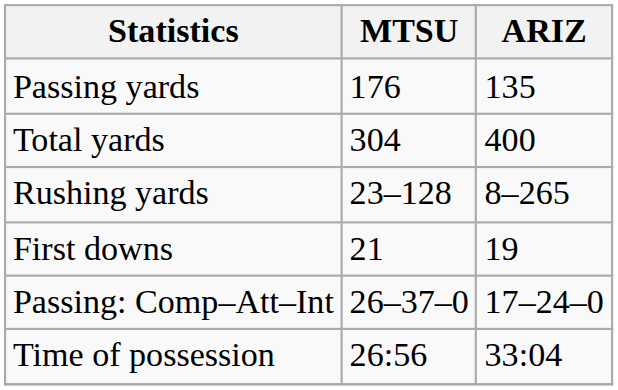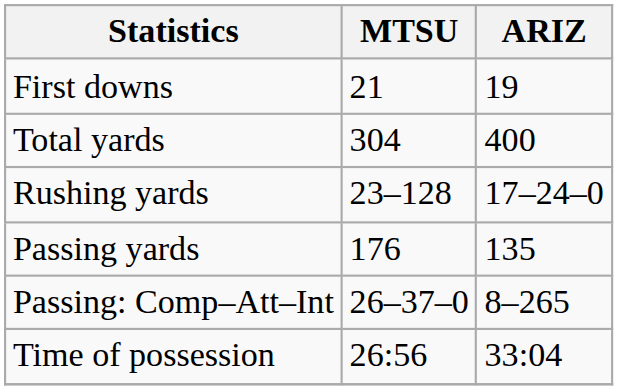 <table class="wikitable" style="float: left;">
 <tr>
 <th>Statistics</th>
 <th>MTSU</th>
 <th>ARIZ</th>
 </tr>
 <tr>
-<td>Passing yards</td>
-<td>176</td>
-<td>135</td>
+<td>First downs</td>
+<td>21</td>
+<td>19</td>
 </tr>
 <tr>
 <td>Total yards</td>
 <td>304</td>
 <td>400</td>
 </tr>
 <tr>
 <td>Rushing yards</td>
 <td>23–128</td>
-<td>8–265</td>
+<td>17–24–0</td>
 </tr>
 <tr>
-<td>First downs</td>
-<td>21</td>
-<td>19</td>
+<td>Passing yards</td>
+<td>176</td>
+<td>135</td>
 </tr>
 <tr>
 <td>Passing: Comp–Att–Int</td>
 <td>26–37–0</td>
-<td>17–24–0</td>
+<td>8–265</td>
 </tr>
 <tr>
 <td>Time of possession</td>
 <td>26:56</td>
 <td>33:04</td>
 </tr>
 <tr>
 </tr>
 </table>
